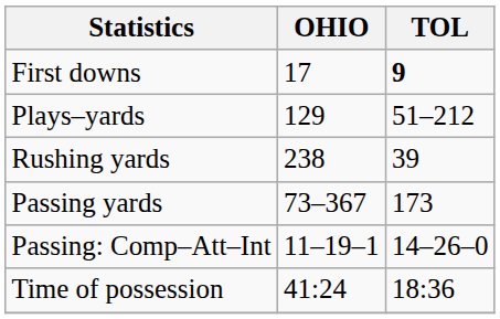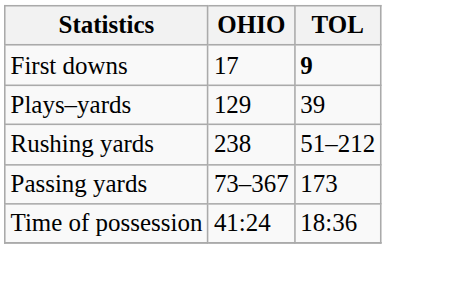 <table class="wikitable" style="float: left;">
 <tr>
 <th>Statistics</th>
 <th>OHIO</th>
 <th>TOL</th>
 </tr>
 <tr>
 <td>First downs</td>
 <td>17</td>
 <td><strong>9</strong></td>
 </tr>
 <tr>
 <td>Plays–yards</td>
 <td>129</td>
-<td>51–212</td>
+<td>39</td>
 </tr>
 <tr>
 <td>Rushing yards</td>
 <td>238</td>
-<td>39</td>
+<td>51–212</td>
 </tr>
 <tr>
 <td>Passing yards</td>
 <td>73–367</td>
 <td>173</td>
-</tr>
-<tr>
-<td>Passing: Comp–Att–Int</td>
-<td>11–19–1</td>
-<td>14–26–0</td>
 </tr>
 <tr>
 <td>Time of possession</td>
 <td>41:24</td>
 <td>18:36</td>
 </tr>
 <tr>
 </tr>
 </table>
